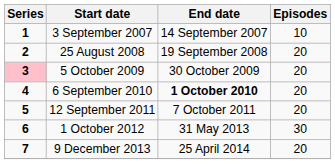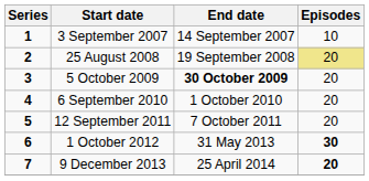 <table class="wikitable" style="text-align:center;">
 <tr>
 <th>Series</th>
 <th>Start date</th>
 <th>End date</th>
 <th>Episodes</th>
 </tr>
 <tr>
 <td><strong>1</strong></td>
 <td>3 September 2007</td>
 <td>14 September 2007</td>
 <td>10</td>
 </tr>
 <tr>
 <td><strong>2</strong></td>
 <td>25 August 2008</td>
 <td>19 September 2008</td>
-<td>20</td>
+<td style="background: khaki;">20</td>
 </tr>
 <tr>
-<td style="background: pink;"><strong>3</strong></td>
+<td><strong>3</strong></td>
 <td>5 October 2009</td>
-<td>30 October 2009</td>
+<td><strong>30 October 2009</strong></td>
 <td>20</td>
 </tr>
 <tr>
 <td><strong>4</strong></td>
 <td>6 September 2010</td>
-<td><strong>1 October 2010</strong></td>
+<td>1 October 2010</td>
 <td>20</td>
 </tr>
 <tr>
 <td><strong>5</strong></td>
 <td>12 September 2011</td>
 <td>7 October 2011</td>
 <td>20</td>
 </tr>
 <tr>
 <td><strong>6</strong></td>
 <td>1 October 2012</td>
 <td>31 May 2013</td>
-<td>30</td>
+<td><strong>30</strong></td>
 </tr>
 <tr>
 <td><strong>7</strong></td>
 <td>9 December 2013</td>
 <td>25 April 2014</td>
-<td>20</td>
+<td><strong>20</strong></td>
 </tr>
 <tr>
 </tr>
 </table>
